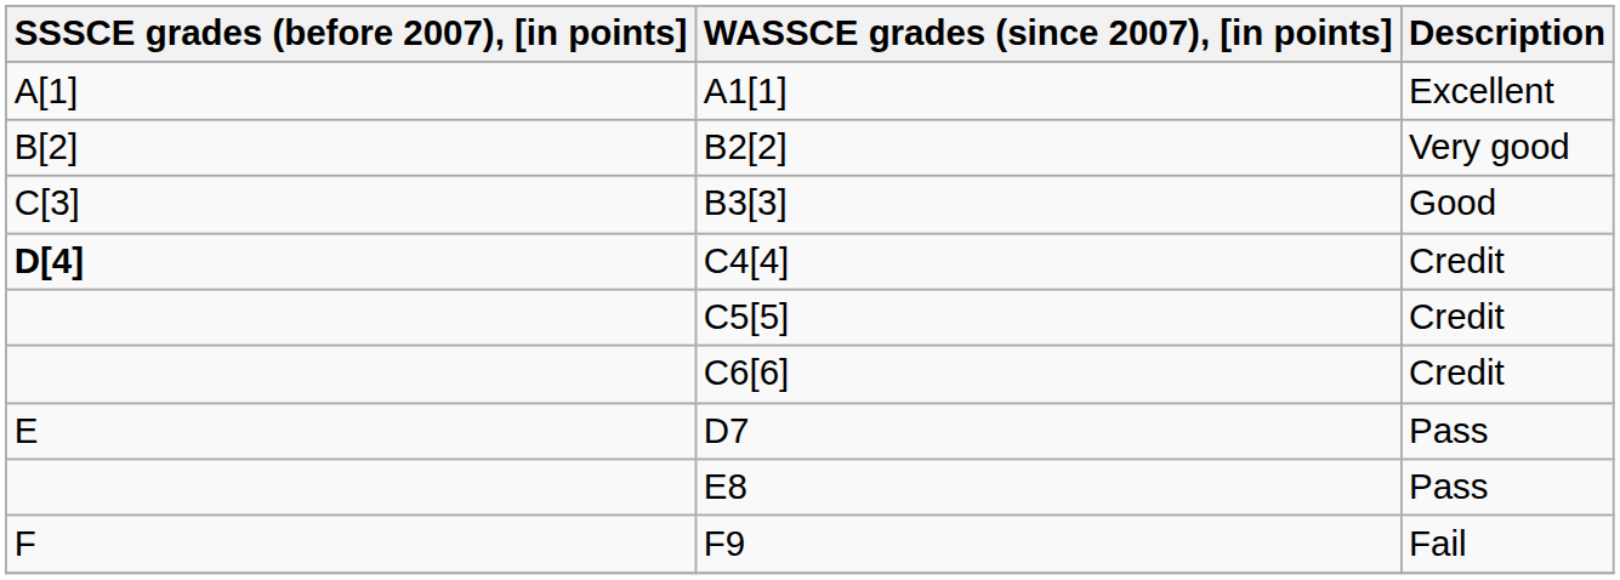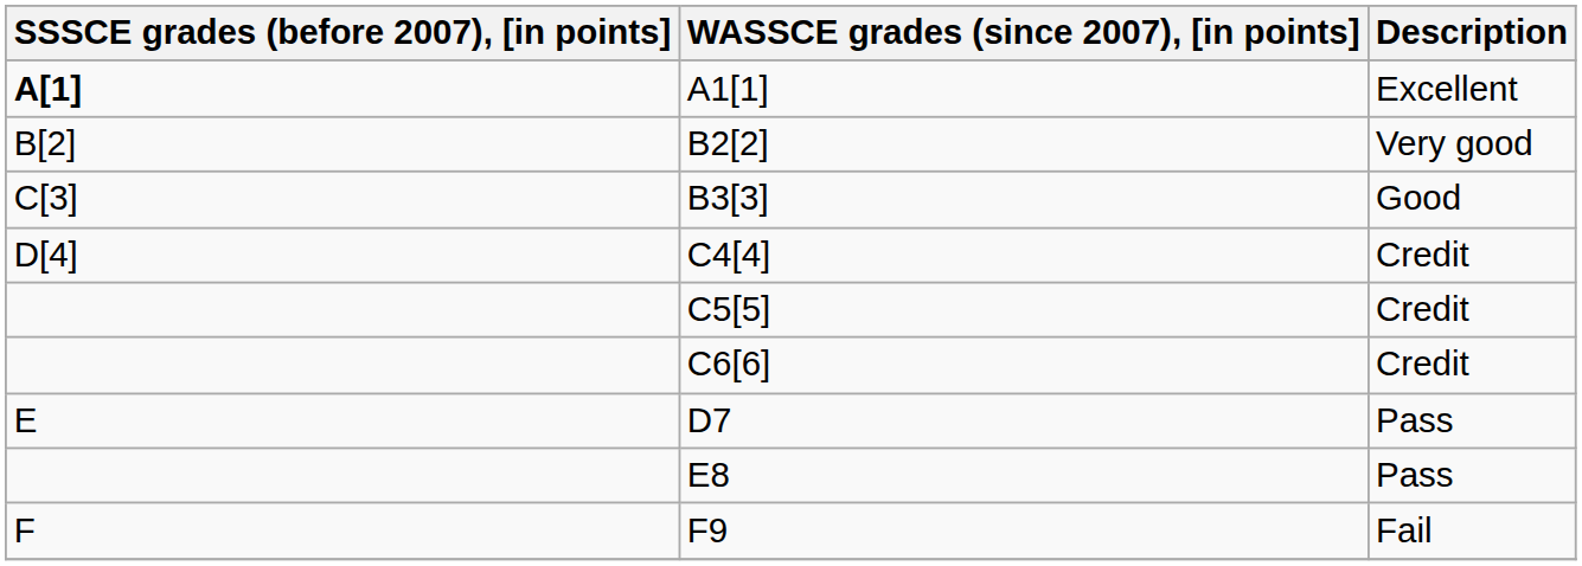 <table class="wikitable">
 <tr>
 <th>SSSCE grades (before 2007), [in points]</th>
 <th>WASSCE grades (since 2007), [in points]</th>
 <th>Description</th>
 </tr>
 <tr>
-<td>A[1]</td>
+<td><strong>A[1]</strong></td>
 <td>A1[1]</td>
 <td>Excellent</td>
 </tr>
 <tr>
 <td>B[2]</td>
 <td>B2[2]</td>
 <td>Very good</td>
 </tr>
 <tr>
 <td>C[3]</td>
 <td>B3[3]</td>
 <td>Good</td>
 </tr>
 <tr>
-<td><strong>D[4]</strong></td>
+<td>D[4]</td>
 <td>C4[4]</td>
 <td>Credit</td>
 </tr>
 <tr>
 <td></td>
 <td>C5[5]</td>
 <td>Credit</td>
 </tr>
 <tr>
 <td></td>
 <td>C6[6]</td>
 <td>Credit</td>
 </tr>
 <tr>
 <td>E</td>
 <td>D7</td>
 <td>Pass</td>
 </tr>
 <tr>
 <td></td>
 <td>E8</td>
 <td>Pass</td>
 </tr>
 <tr>
 <td>F</td>
 <td>F9</td>
 <td>Fail</td>
 </tr>
 <tr>
 </tr>
 </table>
